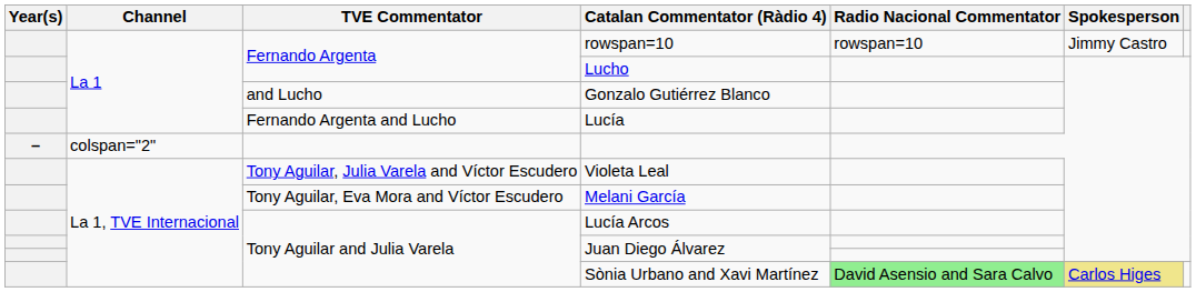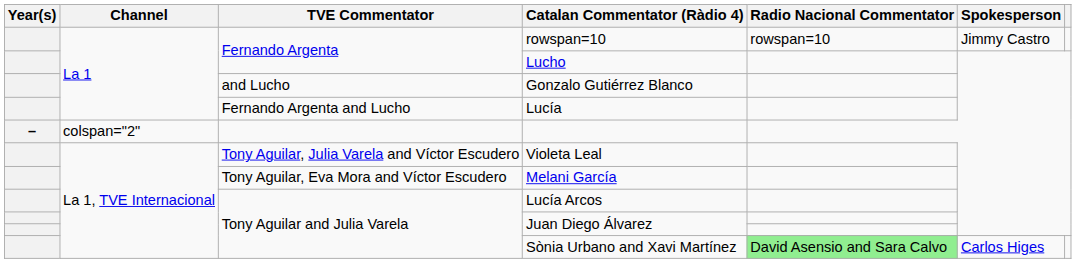 <table class="wikitable sortable plainrowheaders">
 <tr>
 <th scope="col">Year(s)</th>
 <th scope="col">Channel</th>
 <th scope="col">TVE Commentator</th>
 <th scope="col">Catalan Commentator (Ràdio 4)</th>
 <th scope="col">Radio Nacional Commentator</th>
 <th scope="col">Spokesperson</th>
 <th scope="col" class="unsortable"></th>
 </tr>
 <tr>
 <th scope="row"></th>
 <td rowspan=4><a href='#'>La 1</a></td>
 <td rowspan=2><a href='#'>Fernando Argenta</a></td>
 <td>rowspan=10 </td>
 <td>rowspan=10 </td>
 <td>Jimmy Castro</td>
 <td></td>
 </tr>
 <tr>
 <th scope="row"></th>
 <td><a href='#'>Lucho</a></td>
 <td></td>
 </tr>
 <tr>
 <th scope="row"></th>
 <td> and Lucho</td>
 <td>Gonzalo Gutiérrez Blanco</td>
 <td></td>
 </tr>
 <tr>
 <th scope="row"></th>
 <td>Fernando Argenta and Lucho</td>
 <td>Lucía</td>
 <td></td>
 </tr>
 <tr>
 <th scope="row">–</th>
 <td>colspan="2" </td>
 <td></td>
 <td></td>
 </tr>
 <tr>
 <th scope="row"></th>
 <td rowspan=6>La 1, <a href='#'>TVE Internacional</a></td>
 <td><a href='#'>Tony Aguilar</a>, <a href='#'>Julia Varela</a> and Víctor Escudero</td>
 <td>Violeta Leal</td>
 <td></td>
 </tr>
 <tr>
 <th scope="row"></th>
 <td>Tony Aguilar, Eva Mora and Víctor Escudero</td>
 <td><a href='#'>Melani García</a></td>
 <td></td>
 </tr>
 <tr>
 <th scope="row"></th>
 <td rowspan=4>Tony Aguilar and Julia Varela</td>
 <td>Lucía Arcos</td>
 <td></td>
 </tr>
 <tr>
 <th scope="row"></th>
 <td rowspan=2>Juan Diego Álvarez</td>
 <td></td>
 </tr>
 <tr>
 <th scope="row"></th>
 <td></td>
 </tr>
 <tr>
 <th scope="row"></th>
 <td>Sònia Urbano and Xavi Martínez</td>
 <td style="background: lightgreen;">David Asensio and Sara Calvo</td>
-<td style="background: khaki;"><a href='#'>Carlos Higes</a></td>
+<td><a href='#'>Carlos Higes</a></td>
 <td></td>
 </tr>
 </table>
